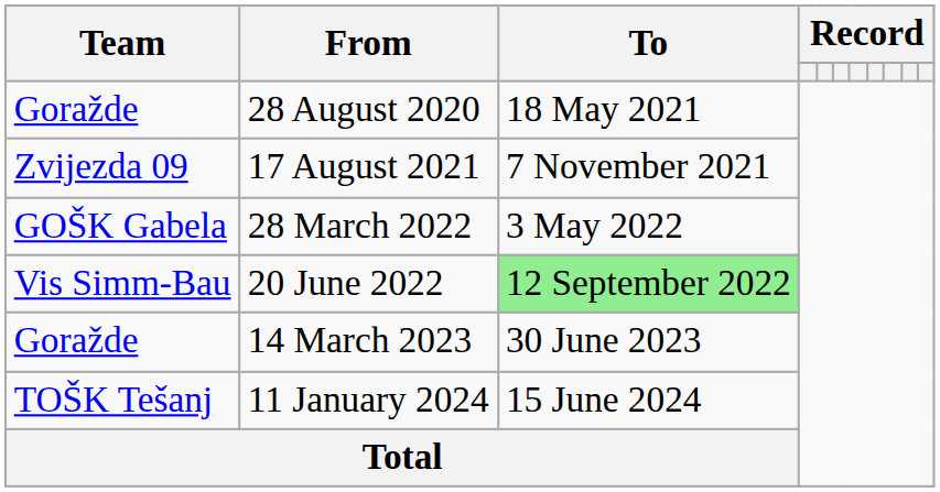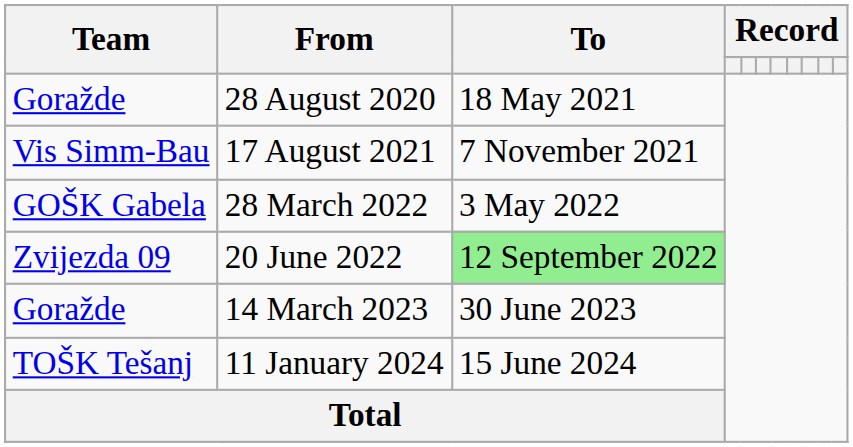 <table class="wikitable" style="text-align: center">
 <tr>
 <th rowspan="2">Team</th>
 <th rowspan="2">From</th>
 <th rowspan="2">To</th>
 <th colspan="8">Record</th>
 </tr>
 <tr>
 <th></th>
 <th></th>
 <th></th>
 <th></th>
 <th></th>
 <th></th>
 <th></th>
 <th></th>
 </tr>
 <tr>
 <td align="left"><a href='#'>Goražde</a></td>
 <td align="left">28 August 2020</td>
 <td align="left">18 May 2021<br></td>
 </tr>
 <tr>
-<td align="left"><a href='#'>Zvijezda 09</a></td>
+<td align="left"><a href='#'>Vis Simm-Bau</a></td>
 <td align="left">17 August 2021</td>
 <td align="left">7 November 2021<br></td>
 </tr>
 <tr>
 <td align="left"><a href='#'>GOŠK Gabela</a></td>
 <td align="left">28 March 2022</td>
 <td align="left">3 May 2022<br></td>
 </tr>
 <tr>
-<td align="left"><a href='#'>Vis Simm-Bau</a></td>
+<td align="left"><a href='#'>Zvijezda 09</a></td>
 <td align="left">20 June 2022</td>
 <td align="left" style="background: lightgreen;">12 September 2022<br></td>
 </tr>
 <tr>
 <td align="left"><a href='#'>Goražde</a></td>
 <td align="left">14 March 2023</td>
 <td align="left">30 June 2023<br></td>
 </tr>
 <tr>
 <td align="left"><a href='#'>TOŠK Tešanj</a></td>
 <td align="left">11 January 2024</td>
 <td align="left">15 June 2024<br></td>
 </tr>
 <tr>
 <th colspan="3">Total<br></th>
 </tr>
 </table>
